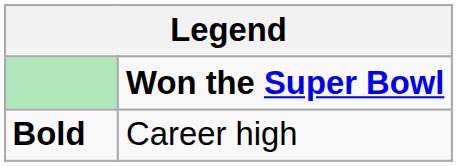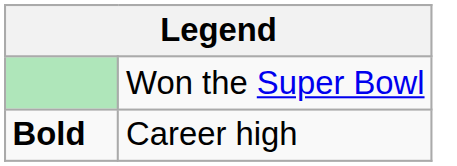 <table class="wikitable">
 <tr>
 <th colspan="2">Legend</th>
 </tr>
 <tr>
 <td style="background:#afe6ba; width:3em;"></td>
-<td><strong>Won the <a href='#'>Super Bowl</a></strong></td>
+<td>Won the <a href='#'>Super Bowl</a></td>
 </tr>
 <tr>
 <td><strong>Bold</strong></td>
 <td>Career high</td>
 </tr>
 </table>
